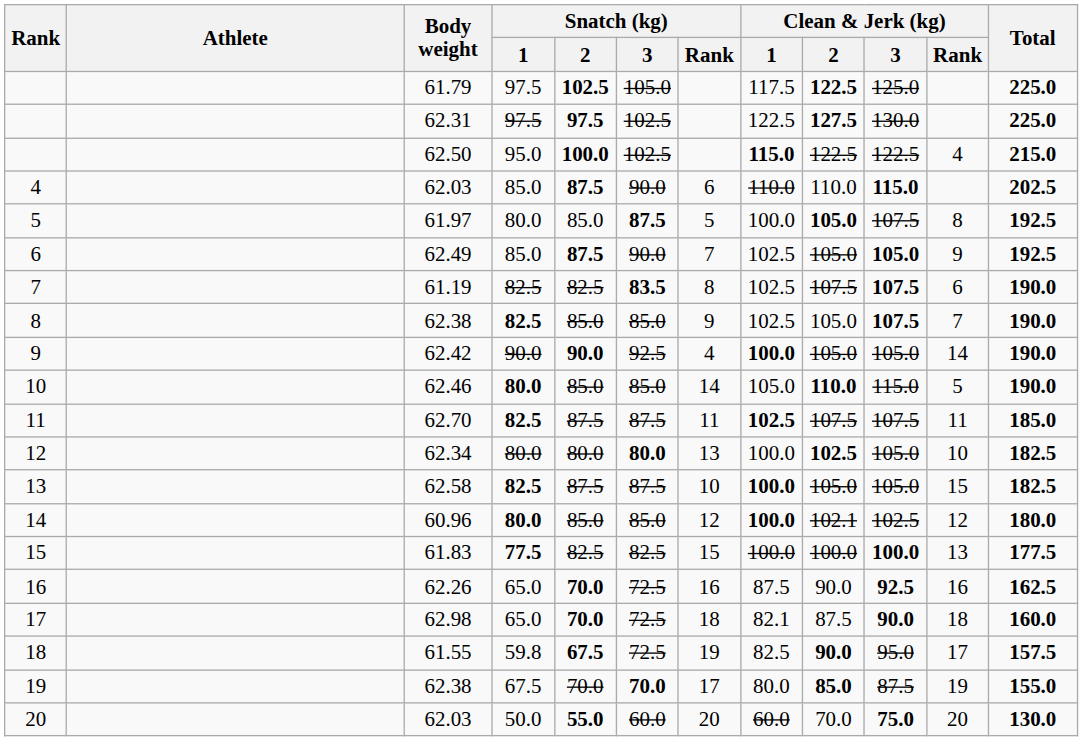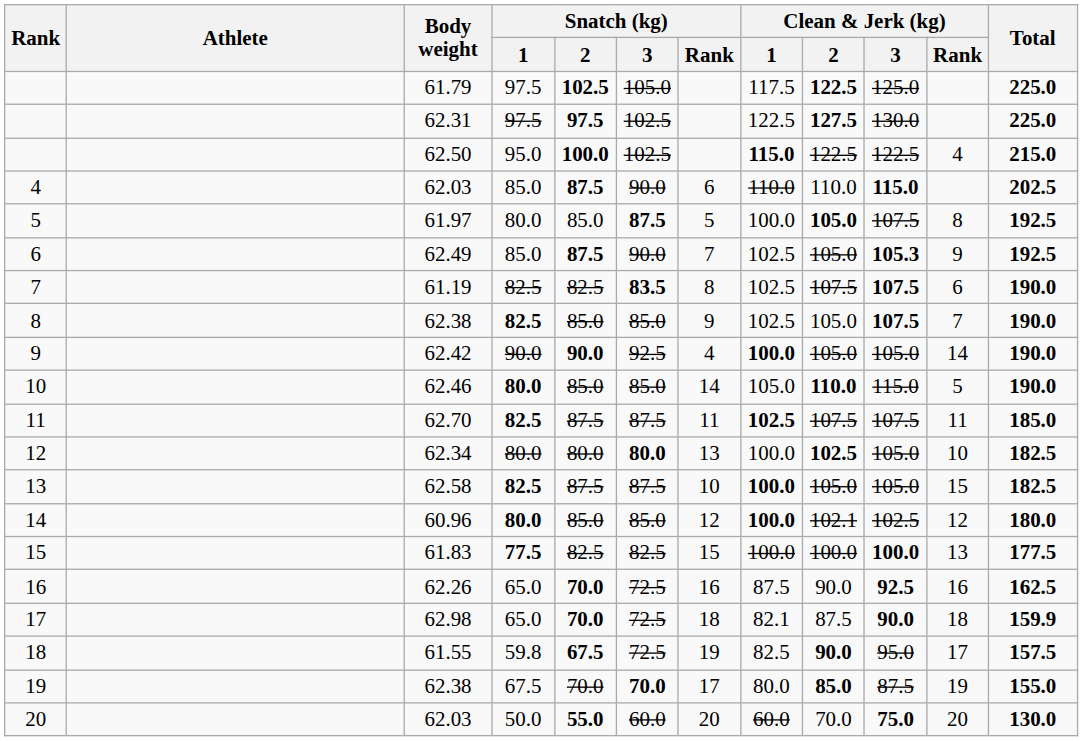 <table class = "wikitable" style="text-align:center;">
 <tr>
 <th rowspan=2 width=40>Rank</th>
 <th rowspan=2 width=250>Athlete</th>
 <th rowspan=2 width=60>Body weight</th>
 <th colspan=4>Snatch (kg)</th>
 <th colspan=4>Clean & Jerk (kg)</th>
 <th rowspan=2 width=60>Total</th>
 </tr>
 <tr>
 <th width=40>1</th>
 <th width=40>2</th>
 <th width=40>3</th>
 <th width=40>Rank</th>
 <th width=40>1</th>
 <th width=40>2</th>
 <th width=40>3</th>
 <th width=40>Rank</th>
 </tr>
 <tr>
 <td></td>
 <td align=left></td>
 <td>61.79</td>
 <td>97.5</td>
 <td><strong>102.5</strong></td>
 <td><s>105.0 </s></td>
 <td></td>
 <td>117.5</td>
 <td><strong>122.5</strong></td>
 <td><s>125.0 </s></td>
 <td></td>
 <td><strong>225.0  </strong></td>
 </tr>
 <tr>
 <td></td>
 <td align=left></td>
 <td>62.31</td>
 <td><s>97.5 </s></td>
 <td><strong>97.5</strong></td>
 <td><s>102.5 </s></td>
 <td></td>
 <td>122.5</td>
 <td><strong>127.5</strong></td>
 <td><s>130.0 </s></td>
 <td></td>
 <td><strong>225.0  </strong></td>
 </tr>
 <tr>
 <td></td>
 <td align=left></td>
 <td>62.50</td>
 <td>95.0</td>
 <td><strong>100.0</strong></td>
 <td><s>102.5 </s></td>
 <td></td>
 <td><strong>115.0</strong></td>
 <td><s>122.5 </s></td>
 <td><s>122.5 </s></td>
 <td>4</td>
 <td><strong>215.0  </strong></td>
 </tr>
 <tr>
 <td>4</td>
 <td align=left></td>
 <td>62.03</td>
 <td>85.0</td>
 <td><strong>87.5</strong></td>
 <td><s>90.0 </s></td>
 <td>6</td>
 <td><s>110.0 </s></td>
 <td>110.0</td>
 <td><strong>115.0</strong></td>
 <td></td>
 <td><strong>202.5  </strong></td>
 </tr>
 <tr>
 <td>5</td>
 <td align=left></td>
 <td>61.97</td>
 <td>80.0</td>
 <td>85.0</td>
 <td><strong>87.5</strong></td>
 <td>5</td>
 <td>100.0</td>
 <td><strong>105.0</strong></td>
 <td><s>107.5 </s></td>
 <td>8</td>
 <td><strong>192.5  </strong></td>
 </tr>
 <tr>
 <td>6</td>
 <td align=left></td>
 <td>62.49</td>
 <td>85.0</td>
 <td><strong>87.5</strong></td>
 <td><s>90.0 </s></td>
 <td>7</td>
 <td>102.5</td>
 <td><s>105.0 </s></td>
-<td><strong>105.0</strong></td>
+<td><strong>105.3</strong></td>
 <td>9</td>
 <td><strong>192.5  </strong></td>
 </tr>
 <tr>
 <td>7</td>
 <td align=left></td>
 <td>61.19</td>
 <td><s>82.5 </s></td>
 <td><s>82.5 </s></td>
 <td><strong>83.5</strong></td>
 <td>8</td>
 <td>102.5</td>
 <td><s>107.5 </s></td>
 <td><strong>107.5</strong></td>
 <td>6</td>
 <td><strong>190.0  </strong></td>
 </tr>
 <tr>
 <td>8</td>
 <td align=left></td>
 <td>62.38</td>
 <td><strong>82.5</strong></td>
 <td><s>85.0 </s></td>
 <td><s>85.0 </s></td>
 <td>9</td>
 <td>102.5</td>
 <td>105.0</td>
 <td><strong>107.5</strong></td>
 <td>7</td>
 <td><strong>190.0  </strong></td>
 </tr>
 <tr>
 <td>9</td>
 <td align=left></td>
 <td>62.42</td>
 <td><s>90.0 </s></td>
 <td><strong>90.0</strong></td>
 <td><s>92.5 </s></td>
 <td>4</td>
 <td><strong>100.0</strong></td>
 <td><s>105.0 </s></td>
 <td><s>105.0 </s></td>
 <td>14</td>
 <td><strong>190.0  </strong></td>
 </tr>
 <tr>
 <td>10</td>
 <td align=left></td>
 <td>62.46</td>
 <td><strong>80.0</strong></td>
 <td><s>85.0 </s></td>
 <td><s>85.0 </s></td>
 <td>14</td>
 <td>105.0</td>
 <td><strong>110.0</strong></td>
 <td><s>115.0 </s></td>
 <td>5</td>
 <td><strong>190.0  </strong></td>
 </tr>
 <tr>
 <td>11</td>
 <td align=left></td>
 <td>62.70</td>
 <td><strong>82.5</strong></td>
 <td><s>87.5 </s></td>
 <td><s>87.5 </s></td>
 <td>11</td>
 <td><strong>102.5</strong></td>
 <td><s>107.5 </s></td>
 <td><s>107.5 </s></td>
 <td>11</td>
 <td><strong>185.0  </strong></td>
 </tr>
 <tr>
 <td>12</td>
 <td align=left></td>
 <td>62.34</td>
 <td><s>80.0 </s></td>
 <td><s>80.0 </s></td>
 <td><strong>80.0</strong></td>
 <td>13</td>
 <td>100.0</td>
 <td><strong>102.5</strong></td>
 <td><s>105.0 </s></td>
 <td>10</td>
 <td><strong>182.5  </strong></td>
 </tr>
 <tr>
 <td>13</td>
 <td align=left></td>
 <td>62.58</td>
 <td><strong>82.5</strong></td>
 <td><s>87.5 </s></td>
 <td><s>87.5 </s></td>
 <td>10</td>
 <td><strong>100.0</strong></td>
 <td><s>105.0 </s></td>
 <td><s>105.0 </s></td>
 <td>15</td>
 <td><strong>182.5  </strong></td>
 </tr>
 <tr>
 <td>14</td>
 <td align=left></td>
 <td>60.96</td>
 <td><strong>80.0</strong></td>
 <td><s>85.0 </s></td>
 <td><s>85.0 </s></td>
 <td>12</td>
 <td><strong>100.0</strong></td>
 <td><s>102.1 </s></td>
 <td><s>102.5 </s></td>
 <td>12</td>
 <td><strong>180.0  </strong></td>
 </tr>
 <tr>
 <td>15</td>
 <td align=left></td>
 <td>61.83</td>
 <td><strong>77.5</strong></td>
 <td><s>82.5 </s></td>
 <td><s>82.5 </s></td>
 <td>15</td>
 <td><s>100.0 </s></td>
 <td><s>100.0 </s></td>
 <td><strong>100.0</strong></td>
 <td>13</td>
 <td><strong>177.5  </strong></td>
 </tr>
 <tr>
 <td>16</td>
 <td align=left></td>
 <td>62.26</td>
 <td>65.0</td>
 <td><strong>70.0</strong></td>
 <td><s>72.5 </s></td>
 <td>16</td>
 <td>87.5</td>
 <td>90.0</td>
 <td><strong>92.5</strong></td>
 <td>16</td>
 <td><strong>162.5  </strong></td>
 </tr>
 <tr>
 <td>17</td>
 <td align=left></td>
 <td>62.98</td>
 <td>65.0</td>
 <td><strong>70.0</strong></td>
 <td><s>72.5 </s></td>
 <td>18</td>
 <td>82.1</td>
 <td>87.5</td>
 <td><strong>90.0</strong></td>
 <td>18</td>
-<td><strong>160.0  </strong></td>
+<td><strong>159.9  </strong></td>
 </tr>
 <tr>
 <td>18</td>
 <td align=left></td>
 <td>61.55</td>
 <td>59.8</td>
 <td><strong>67.5</strong></td>
 <td><s>72.5 </s></td>
 <td>19</td>
 <td>82.5</td>
 <td><strong>90.0</strong></td>
 <td><s>95.0 </s></td>
 <td>17</td>
 <td><strong>157.5  </strong></td>
 </tr>
 <tr>
 <td>19</td>
 <td align=left></td>
 <td>62.38</td>
 <td>67.5</td>
 <td><s>70.0 </s></td>
 <td><strong>70.0</strong></td>
 <td>17</td>
 <td>80.0</td>
 <td><strong>85.0</strong></td>
 <td><s>87.5 </s></td>
 <td>19</td>
 <td><strong>155.0  </strong></td>
 </tr>
 <tr>
 <td>20</td>
 <td align=left></td>
 <td>62.03</td>
 <td>50.0</td>
 <td><strong>55.0</strong></td>
 <td><s>60.0 </s></td>
 <td>20</td>
 <td><s>60.0 </s></td>
 <td>70.0</td>
 <td><strong>75.0</strong></td>
 <td>20</td>
 <td><strong>130.0 </strong></td>
 </tr>
 </table>
